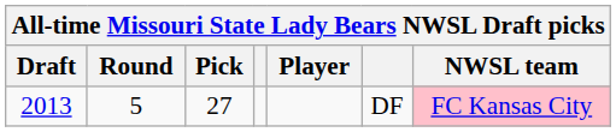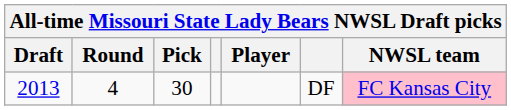 <table class="wikitable sortable" style="text-align: center;">
 <tr>
 <th colspan="7" style="background:#">All-time <a href='#'><span>Missouri State Lady Bears</span></a> NWSL Draft picks</th>
 </tr>
 <tr>
 <th scope="col">Draft</th>
 <th scope="col">Round</th>
 <th scope="col">Pick</th>
 <th scope="col"></th>
 <th scope="col">Player</th>
 <th scope="col"></th>
 <th scope="col">NWSL team</th>
 </tr>
 <tr>
 <td><a href='#'>2013</a></td>
-<td>5</td>
-<td>27</td>
+<td>4</td>
+<td>30</td>
 <td></td>
 <td></td>
 <td>DF</td>
 <td style="background: pink;"><a href='#'>FC Kansas City</a></td>
 </tr>
 </table>
